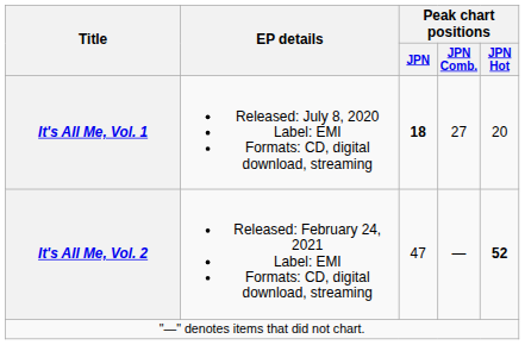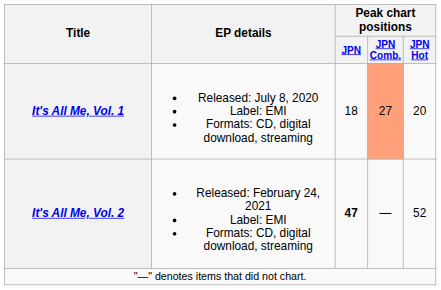 <table class="wikitable plainrowheaders" style="text-align:center;" border="1">
 <tr>
 <th scope="col" rowspan="2" style="width:12em;">Title</th>
 <th scope="col" rowspan="2" style="width:15em;">EP details</th>
 <th colspan="3" scope="col">Peak chart positions</th>
 </tr>
 <tr>
 <th scope="col" style="width:2.75em;font-size:85%;"><a href='#'>JPN</a><br></th>
 <th scope="col" style="width:2.75em;font-size:85%;"><a href='#'>JPN<br>Comb.</a><br></th>
 <th scope="col" style="width:2.75em;font-size:85%;"><a href='#'>JPN<br>Hot</a><br></th>
 </tr>
 <tr>
 <th scope="row"><em><a href='#'>It's All Me, Vol. 1</a></em></th>
 <td><br><ul><li>Released: July 8, 2020</li><li>Label: EMI</li><li>Formats: CD, digital download, streaming</li></ul></td>
-<td><strong>18</strong></td>
-<td>27</td>
+<td>18</td>
+<td style="background: lightsalmon;">27</td>
 <td>20</td>
 </tr>
 <tr>
 <th scope="row"><em><a href='#'>It's All Me, Vol. 2</a></em></th>
 <td><br><ul><li>Released: February 24, 2021</li><li>Label: EMI</li><li>Formats: CD, digital download, streaming</li></ul></td>
-<td>47</td>
+<td><strong>47</strong></td>
 <td>—</td>
-<td><strong>52</strong></td>
+<td>52</td>
 </tr>
 <tr>
 <td colspan="5" style="text-align:center; font-size:90%;">"—" denotes items that did not chart.</td>
 </tr>
 </table>
